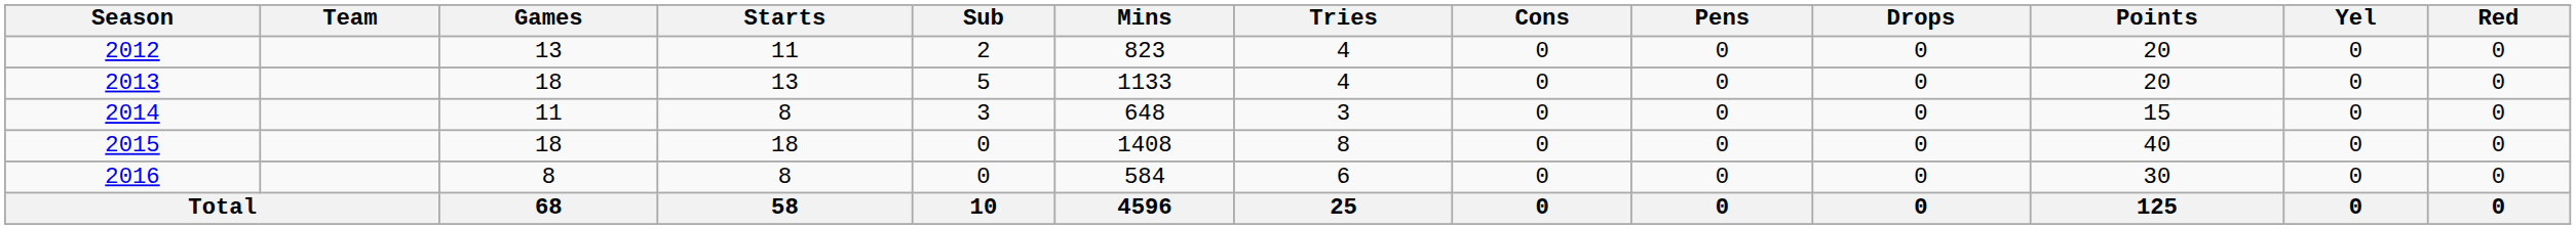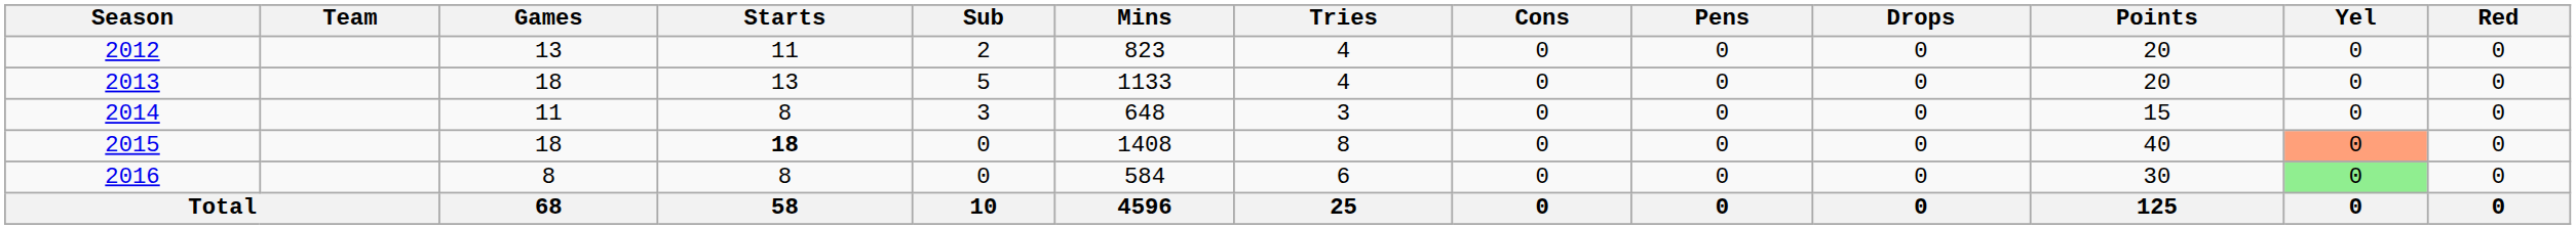 <table class="wikitable" style="text-align:center; line-height:90%; font-size:95%; width:70%;">
 <tr>
 <th>Season</th>
 <th>Team</th>
 <th>Games</th>
 <th>Starts</th>
 <th>Sub</th>
 <th>Mins</th>
 <th>Tries</th>
 <th>Cons</th>
 <th>Pens</th>
 <th>Drops</th>
 <th>Points</th>
 <th>Yel</th>
 <th>Red</th>
 </tr>
 <tr>
 <td><a href='#'>2012</a></td>
 <td></td>
 <td>13</td>
 <td>11</td>
 <td>2</td>
 <td>823</td>
 <td>4</td>
 <td>0</td>
 <td>0</td>
 <td>0</td>
 <td>20</td>
 <td>0</td>
 <td>0</td>
 </tr>
 <tr>
 <td><a href='#'>2013</a></td>
 <td></td>
 <td>18</td>
 <td>13</td>
 <td>5</td>
 <td>1133</td>
 <td>4</td>
 <td>0</td>
 <td>0</td>
 <td>0</td>
 <td>20</td>
 <td>0</td>
 <td>0</td>
 </tr>
 <tr>
 <td><a href='#'>2014</a></td>
 <td></td>
 <td>11</td>
 <td>8</td>
 <td>3</td>
 <td>648</td>
 <td>3</td>
 <td>0</td>
 <td>0</td>
 <td>0</td>
 <td>15</td>
 <td>0</td>
 <td>0</td>
 </tr>
 <tr>
 <td><a href='#'>2015</a></td>
 <td></td>
 <td>18</td>
-<td>18</td>
+<td><strong>18</strong></td>
 <td>0</td>
 <td>1408</td>
 <td>8</td>
 <td>0</td>
 <td>0</td>
 <td>0</td>
 <td>40</td>
-<td>0</td>
+<td style="background: lightsalmon;">0</td>
 <td>0</td>
 </tr>
 <tr>
 <td><a href='#'>2016</a></td>
 <td></td>
 <td>8</td>
 <td>8</td>
 <td>0</td>
 <td>584</td>
 <td>6</td>
 <td>0</td>
 <td>0</td>
 <td>0</td>
 <td>30</td>
-<td>0</td>
+<td style="background: lightgreen;">0</td>
 <td>0</td>
 </tr>
 <tr>
 <th colspan="2">Total</th>
 <th>68</th>
 <th>58</th>
 <th>10</th>
 <th>4596</th>
 <th>25</th>
 <th>0</th>
 <th>0</th>
 <th>0</th>
 <th>125</th>
 <th>0</th>
 <th>0</th>
 </tr>
 </table>
